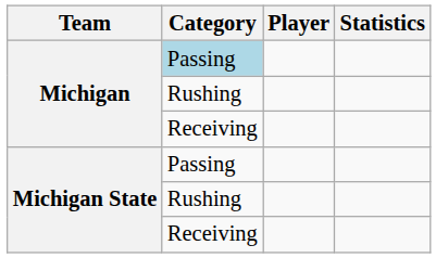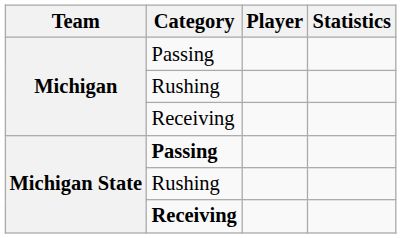 <table class="wikitable" style="float:right">
 <tr>
 <th>Team</th>
 <th>Category</th>
 <th>Player</th>
 <th>Statistics</th>
 </tr>
 <tr>
 <th rowspan=3>Michigan</th>
-<td style="background: lightblue;">Passing</td>
+<td>Passing</td>
 <td></td>
 <td></td>
 </tr>
 <tr>
 <td>Rushing</td>
 <td></td>
 <td></td>
 </tr>
 <tr>
 <td>Receiving</td>
 <td></td>
 <td></td>
 </tr>
 <tr>
 <th rowspan=3>Michigan State</th>
-<td>Passing</td>
+<td><strong>Passing</strong></td>
 <td></td>
 <td></td>
 </tr>
 <tr>
 <td>Rushing</td>
 <td></td>
 <td></td>
 </tr>
 <tr>
-<td>Receiving</td>
+<td><strong>Receiving</strong></td>
 <td></td>
 <td></td>
 </tr>
 </table>
